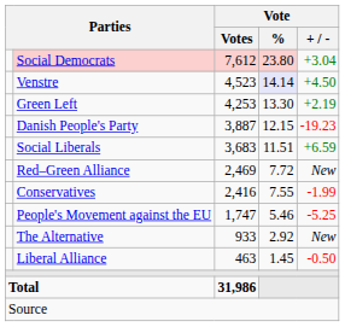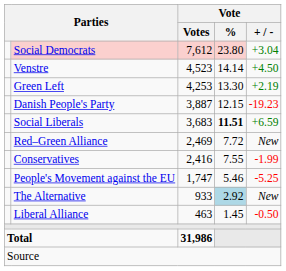 <table class="wikitable" style="text-align:right;">
 <tr>
 <th style="text-align:centre;" rowspan="2" colspan="2" width="225">Parties</th>
 <th colspan="3">Vote</th>
 </tr>
 <tr>
 <th width="15">Votes</th>
 <th width="15">%</th>
 <th width="15">+ / -</th>
 </tr>
 <tr>
 <td width="2" style="color:inherit;background:"></td>
 <td bgcolor=#fbd0ce   align="left"><a href='#'>Social Democrats</a></td>
 <td bgcolor=#fbd0ce>7,612</td>
 <td bgcolor=#fbd0ce>23.80</td>
 <td style=color:green;>+3.04</td>
 </tr>
 <tr>
 <td width="2" style="color:inherit;background:"></td>
 <td align="left"><a href='#'>Venstre</a></td>
 <td>4,523</td>
-<td style="background: lavender;">14.14</td>
+<td>14.14</td>
 <td style=color:green;>+4.50</td>
 </tr>
 <tr>
 <td width="2" style="color:inherit;background:"></td>
 <td align="left"><a href='#'>Green Left</a></td>
 <td>4,253</td>
 <td>13.30</td>
 <td style=color:green;>+2.19</td>
 </tr>
 <tr>
 <td width="2" style="color:inherit;background:"></td>
 <td align="left"><a href='#'>Danish People's Party</a></td>
 <td>3,887</td>
 <td>12.15</td>
 <td style=color:red;>-19.23</td>
 </tr>
 <tr>
 <td width="2" style="color:inherit;background:"></td>
 <td align="left"><a href='#'>Social Liberals</a></td>
 <td>3,683</td>
-<td>11.51</td>
+<td><strong>11.51</strong></td>
 <td style=color:green;>+6.59</td>
 </tr>
 <tr>
 <td width="2" style="color:inherit;background:"></td>
 <td align="left"><a href='#'>Red–Green Alliance</a></td>
 <td>2,469</td>
 <td>7.72</td>
 <td><em>New</em></td>
 </tr>
 <tr>
 <td width="2" style="color:inherit;background:"></td>
 <td align="left"><a href='#'>Conservatives</a></td>
 <td>2,416</td>
 <td>7.55</td>
 <td style=color:red;>-1.99</td>
 </tr>
 <tr>
 <td width="2" style="color:inherit;background:"></td>
 <td align="left"><a href='#'>People's Movement against the EU</a></td>
 <td>1,747</td>
 <td>5.46</td>
 <td style=color:red;>-5.25</td>
 </tr>
 <tr>
 <td width="2" style="color:inherit;background:"></td>
 <td align="left"><a href='#'>The Alternative</a></td>
 <td>933</td>
-<td>2.92</td>
+<td style="background: lightblue;">2.92</td>
 <td><em>New</em></td>
 </tr>
 <tr>
 <td width="2" style="color:inherit;background:"></td>
 <td align="left"><a href='#'>Liberal Alliance</a></td>
 <td>463</td>
 <td>1.45</td>
 <td style=color:red;>-0.50</td>
 </tr>
 <tr>
 <td colspan="7" bgcolor="#E9E9E9"></td>
 </tr>
 <tr>
 <td align="left" colspan="2"><strong>Total</strong></td>
 <td><strong>31,986</strong></td>
 <td bgcolor="#E9E9E9" colspan="2"></td>
 </tr>
 <tr>
 <td align="left" colspan="6">Source</td>
 </tr>
 </table>
